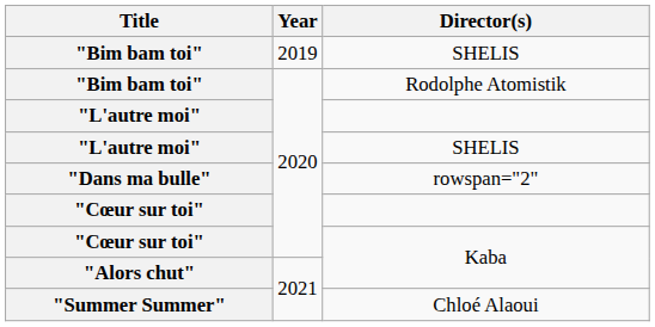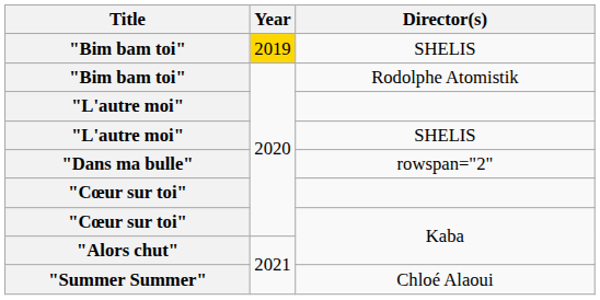 <table class="wikitable plainrowheaders" style="text-align:center;">
 <tr>
 <th scope="col" style="width:13em;">Title</th>
 <th scope="col">Year</th>
 <th scope="col" style="width:16em;">Director(s)</th>
 </tr>
 <tr>
 <th scope="row">"Bim bam toi"</th>
-<td>2019</td>
+<td style="background: gold;">2019</td>
 <td>SHELIS</td>
 </tr>
 <tr>
 <th scope="row">"Bim bam toi" </th>
 <td rowspan="6">2020</td>
 <td>Rodolphe Atomistik</td>
 </tr>
 <tr>
 <th scope="row">"L'autre moi" </th>
 <td></td>
 </tr>
 <tr>
 <th scope="row">"L'autre moi"</th>
 <td>SHELIS</td>
 </tr>
 <tr>
 <th scope="row">"Dans ma bulle" </th>
 <td>rowspan="2" </td>
 </tr>
 <tr>
 <th scope="row">"Cœur sur toi" </th>
 </tr>
 <tr>
 <th scope="row">"Cœur sur toi"</th>
 <td rowspan="2">Kaba</td>
 </tr>
 <tr>
 <th scope="row">"Alors chut"</th>
 <td rowspan="2">2021</td>
 </tr>
 <tr>
 <th scope="row">"Summer Summer"</th>
 <td>Chloé Alaoui</td>
 </tr>
 </table>
